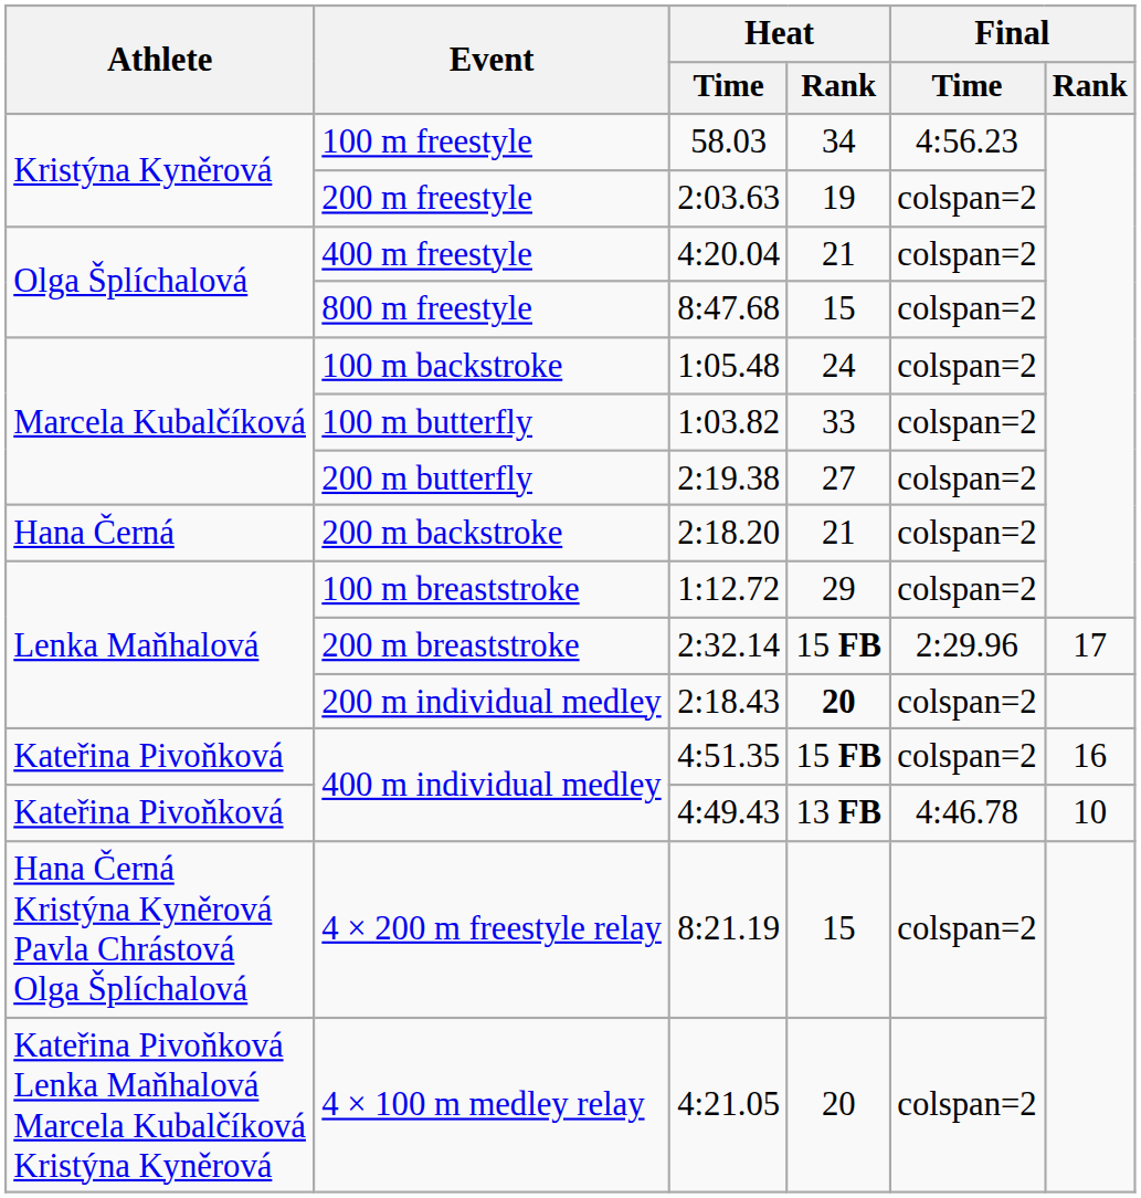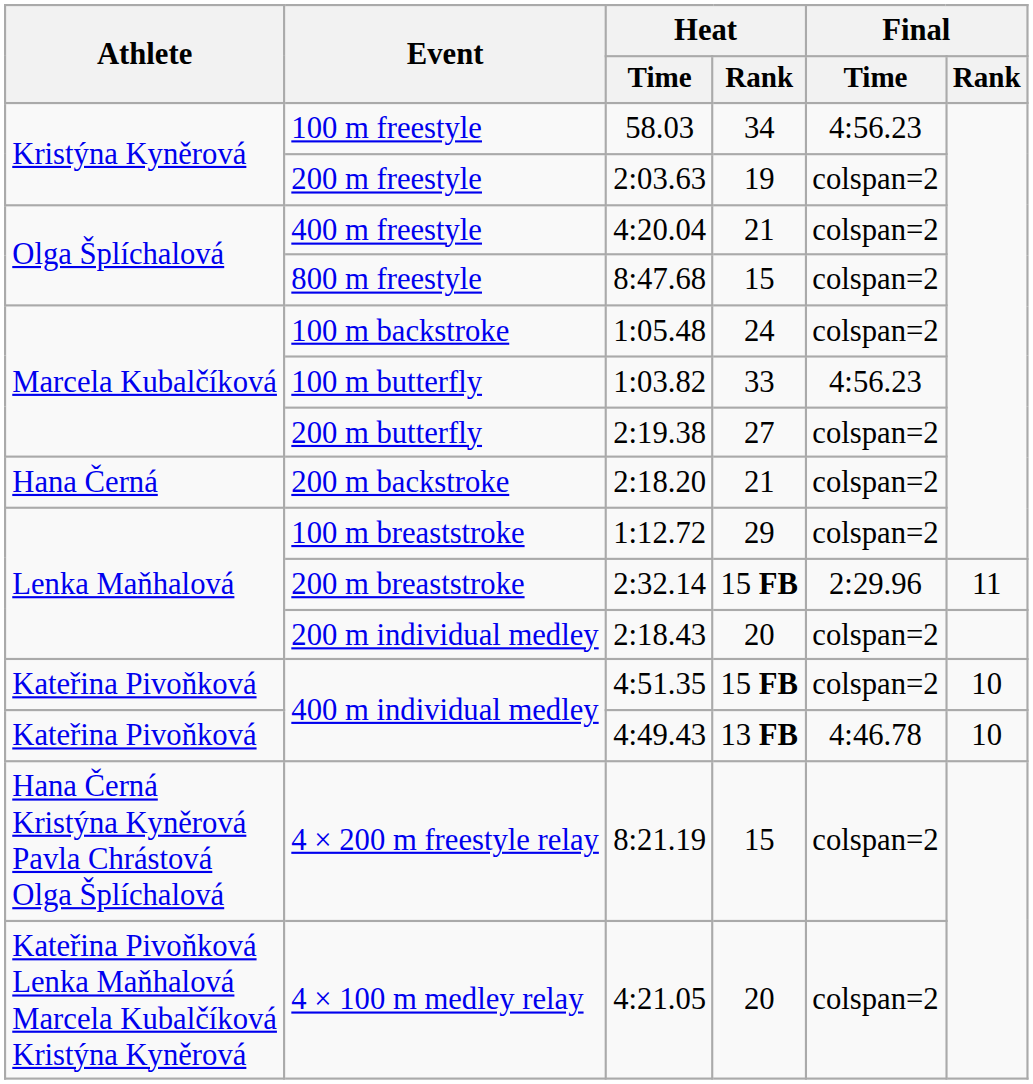 <table class="wikitable" style="font-size:90%;">
 <tr>
 <th rowspan=2>Athlete</th>
 <th rowspan=2>Event</th>
 <th colspan=2>Heat</th>
 <th colspan=2>Final</th>
 </tr>
 <tr style="font-size:95%">
 <th>Time</th>
 <th>Rank</th>
 <th>Time</th>
 <th>Rank</th>
 </tr>
 <tr align="center">
 <td align="left" rowspan=2><a href='#'>Kristýna Kyněrová</a></td>
 <td align="left"><a href='#'>100 m freestyle</a></td>
 <td>58.03</td>
 <td>34</td>
 <td>4:56.23</td>
 </tr>
 <tr align="center">
 <td align="left"><a href='#'>200 m freestyle</a></td>
 <td>2:03.63</td>
 <td>19</td>
 <td>colspan=2 </td>
 </tr>
 <tr align="center">
 <td align="left" rowspan=2><a href='#'>Olga Šplíchalová</a></td>
 <td align="left"><a href='#'>400 m freestyle</a></td>
 <td>4:20.04</td>
 <td>21</td>
 <td>colspan=2 </td>
 </tr>
 <tr align="center">
 <td align="left"><a href='#'>800 m freestyle</a></td>
 <td>8:47.68</td>
 <td>15</td>
 <td>colspan=2 </td>
 </tr>
 <tr align="center">
 <td align="left" rowspan=3><a href='#'>Marcela Kubalčíková</a></td>
 <td align="left"><a href='#'>100 m backstroke</a></td>
 <td>1:05.48</td>
 <td>24</td>
 <td>colspan=2 </td>
 </tr>
 <tr align="center">
 <td align="left"><a href='#'>100 m butterfly</a></td>
 <td>1:03.82</td>
 <td>33</td>
-<td>colspan=2 </td>
+<td>4:56.23</td>
 </tr>
 <tr align="center">
 <td align="left"><a href='#'>200 m butterfly</a></td>
 <td>2:19.38</td>
 <td>27</td>
 <td>colspan=2 </td>
 </tr>
 <tr align="center">
 <td align="left"><a href='#'>Hana Černá</a></td>
 <td align="left"><a href='#'>200 m backstroke</a></td>
 <td>2:18.20</td>
 <td>21</td>
 <td>colspan=2 </td>
 </tr>
 <tr align="center">
 <td align="left" rowspan=3><a href='#'>Lenka Maňhalová</a></td>
 <td align="left"><a href='#'>100 m breaststroke</a></td>
 <td>1:12.72</td>
 <td>29</td>
 <td>colspan=2 </td>
 </tr>
 <tr align="center">
 <td align="left"><a href='#'>200 m breaststroke</a></td>
 <td>2:32.14</td>
 <td>15 <strong>FB</strong></td>
 <td>2:29.96 <strong></strong></td>
-<td>17</td>
+<td>11</td>
 </tr>
 <tr align="center">
 <td align="left"><a href='#'>200 m individual medley</a></td>
 <td>2:18.43</td>
-<td><strong>20</strong></td>
+<td>20</td>
 <td>colspan=2 </td>
 </tr>
 <tr align="center">
 <td align="left"><a href='#'>Kateřina Pivoňková</a></td>
 <td align="left" rowspan=2><a href='#'>400 m individual medley</a></td>
 <td>4:51.35</td>
 <td>15 <strong>FB</strong></td>
 <td>colspan=2 </td>
-<td>16</td>
+<td>10</td>
 </tr>
 <tr align="center">
 <td align="left"><a href='#'>Kateřina Pivoňková</a></td>
 <td>4:49.43</td>
 <td>13 <strong>FB</strong></td>
 <td>4:46.78 <strong></strong></td>
 <td>10</td>
 </tr>
 <tr align="center">
 <td align="left"><a href='#'>Hana Černá</a><br><a href='#'>Kristýna Kyněrová</a><br><a href='#'>Pavla Chrástová</a><br><a href='#'>Olga Šplíchalová</a></td>
 <td align="left"><a href='#'>4 × 200 m freestyle relay</a></td>
 <td>8:21.19 <strong></strong></td>
 <td>15</td>
 <td>colspan=2 </td>
 </tr>
 <tr align="center">
 <td align="left"><a href='#'>Kateřina Pivoňková</a><br><a href='#'>Lenka Maňhalová</a><br><a href='#'>Marcela Kubalčíková</a><br><a href='#'>Kristýna Kyněrová</a></td>
 <td align="left"><a href='#'>4 × 100 m medley relay</a></td>
 <td>4:21.05</td>
 <td>20</td>
 <td>colspan=2 </td>
 </tr>
 </table>
